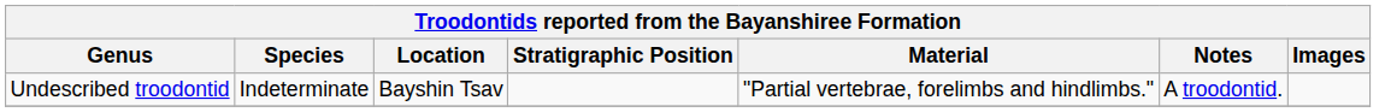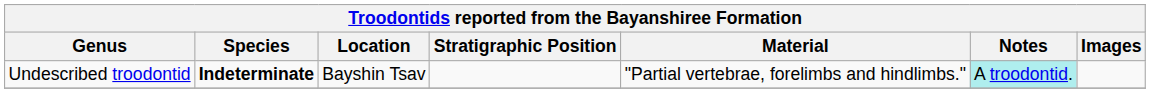 <table class="wikitable" align="center">
 <tr>
 <th colspan="7" align="center"><strong><a href='#'>Troodontids</a> reported from the Bayanshiree Formation</strong></th>
 </tr>
 <tr>
 <th>Genus</th>
 <th>Species</th>
 <th>Location</th>
 <th>Stratigraphic Position</th>
 <th>Material</th>
 <th>Notes</th>
 <th>Images</th>
 </tr>
 <tr>
 <td>Undescribed <a href='#'>troodontid</a></td>
-<td>Indeterminate</td>
+<td><strong>Indeterminate</strong></td>
 <td>Bayshin Tsav</td>
 <td></td>
 <td>"Partial vertebrae, forelimbs and hindlimbs."</td>
-<td>A <a href='#'>troodontid</a>.</td>
+<td style="background: paleturquoise;">A <a href='#'>troodontid</a>.</td>
 <td></td>
 </tr>
 <tr>
 </tr>
 </table>
